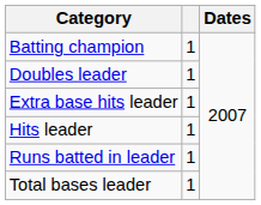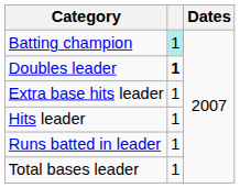 <table class="wikitable">
 <tr>
 <th>Category</th>
 <th></th>
 <th>Dates</th>
 </tr>
 <tr>
 <td><a href='#'>Batting champion</a></td>
-<td style="text-align:center;">1</td>
+<td style="background: paleturquoise; text-align:center;">1</td>
 <td style="text-align:center;" rowspan="6">2007</td>
 </tr>
 <tr>
 <td><a href='#'>Doubles leader</a></td>
-<td style="text-align:center;">1</td>
+<td style="text-align:center;"><strong>1</strong></td>
 </tr>
 <tr>
 <td><a href='#'>Extra base hits</a> leader</td>
 <td style="text-align:center;">1</td>
 </tr>
 <tr>
 <td><a href='#'>Hits</a> leader</td>
 <td style="text-align:center;">1</td>
 </tr>
 <tr>
 <td><a href='#'>Runs batted in leader</a></td>
 <td style="text-align:center;">1</td>
 </tr>
 <tr>
 <td>Total bases leader</td>
 <td style="text-align:center;">1</td>
 </tr>
 </table>
